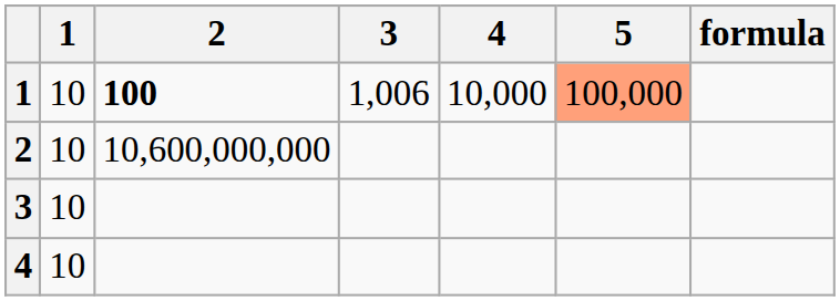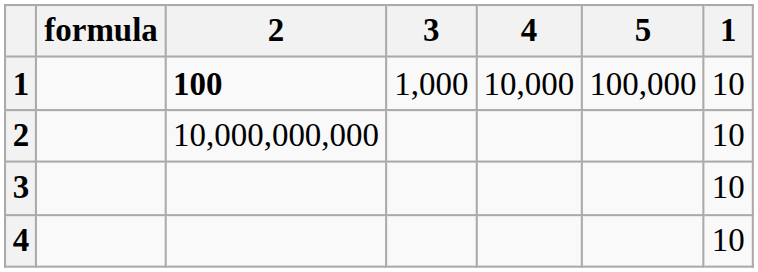 <table class="wikitable">
 <tr>
 <th></th>
-<th>1</th>
+<th>formula</th>
 <th>2</th>
 <th>3</th>
 <th>4</th>
 <th>5</th>
-<th>formula</th>
+<th>1</th>
 </tr>
 <tr>
 <th>1</th>
+<td></td>
+<td><strong>100</strong></td>
+<td>1,000</td>
+<td>10,000</td>
+<td>100,000</td>
 <td>10</td>
-<td><strong>100</strong></td>
-<td>1,006</td>
-<td>10,000</td>
-<td style="background: lightsalmon;">100,000</td>
-<td></td>
 </tr>
 <tr>
 <th>2</th>
-<td>10</td>
-<td>10,600,000,000</td>
+<td></td>
+<td>10,000,000,000</td>
 <td></td>
 <td></td>
 <td></td>
-<td></td>
+<td>10</td>
 </tr>
 <tr>
 <th>3</th>
-<td>10</td>
 <td></td>
 <td></td>
 <td></td>
 <td></td>
 <td></td>
+<td>10</td>
 </tr>
 <tr>
 <th>4</th>
-<td>10</td>
 <td></td>
 <td></td>
 <td></td>
 <td></td>
 <td></td>
+<td>10</td>
 </tr>
 </table>
